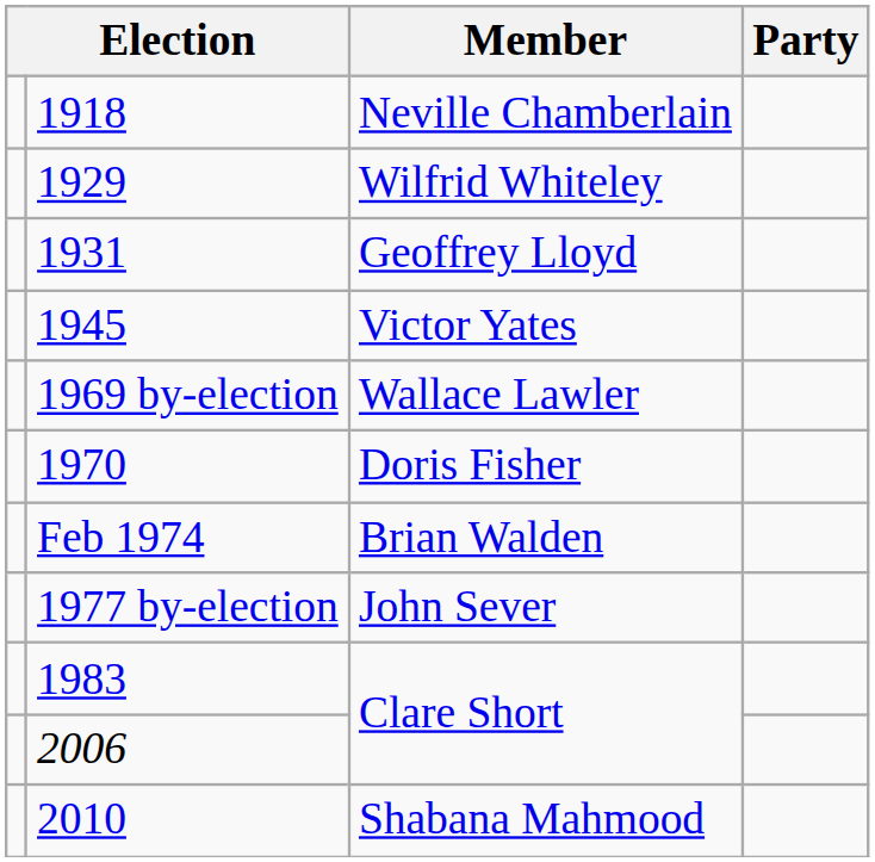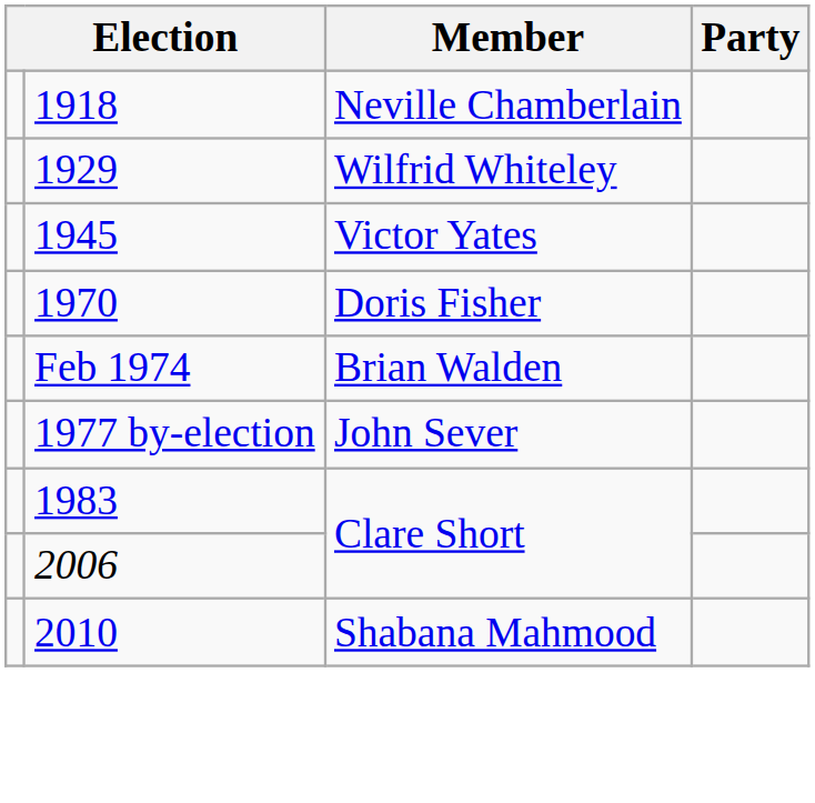 <table class="wikitable">
 <tr>
 <th colspan="2">Election</th>
 <th>Member</th>
 <th>Party</th>
 </tr>
 <tr>
 <td style="color:inherit;background-color: "></td>
 <td><a href='#'>1918</a></td>
 <td><a href='#'>Neville Chamberlain</a></td>
 <td></td>
 </tr>
 <tr>
 <td style="color:inherit;background-color: "></td>
 <td><a href='#'>1929</a></td>
 <td><a href='#'>Wilfrid Whiteley</a></td>
 <td></td>
 </tr>
 <tr>
 <td style="color:inherit;background-color: "></td>
-<td><a href='#'>1931</a></td>
-<td><a href='#'>Geoffrey Lloyd</a></td>
-<td></td>
-</tr>
-<tr>
-<td style="color:inherit;background-color: "></td>
 <td><a href='#'>1945</a></td>
 <td><a href='#'>Victor Yates</a></td>
-<td></td>
-</tr>
-<tr>
-<td style="color:inherit;background-color: "></td>
-<td><a href='#'>1969 by-election</a></td>
-<td><a href='#'>Wallace Lawler</a></td>
 <td></td>
 </tr>
 <tr>
 <td style="color:inherit;background-color: "></td>
 <td><a href='#'>1970</a></td>
 <td><a href='#'>Doris Fisher</a></td>
 <td></td>
 </tr>
 <tr>
 <td style="color:inherit;background-color: "></td>
 <td><a href='#'>Feb 1974</a></td>
 <td><a href='#'>Brian Walden</a></td>
 <td></td>
 </tr>
 <tr>
 <td style="color:inherit;background-color: "></td>
 <td><a href='#'>1977 by-election</a></td>
 <td><a href='#'>John Sever</a></td>
 <td></td>
 </tr>
 <tr>
 <td style="color:inherit;background-color: "></td>
 <td><a href='#'>1983</a></td>
 <td rowspan="2"><a href='#'>Clare Short</a></td>
 <td></td>
 </tr>
 <tr>
 <td style="color:inherit;background-color: "></td>
 <td><em>2006</em></td>
 <td></td>
 </tr>
 <tr>
 <td style="color:inherit;background-color: "></td>
 <td><a href='#'>2010</a></td>
 <td><a href='#'>Shabana Mahmood</a></td>
 <td></td>
 </tr>
 </table>
